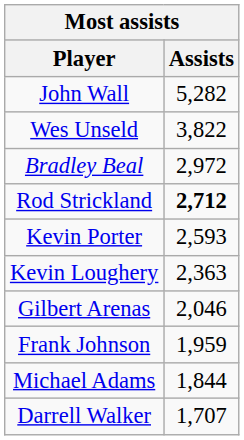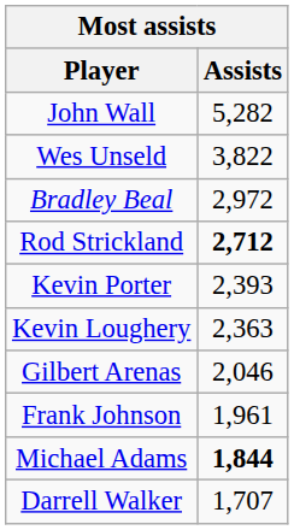 <table class="wikitable sortable" style="text-align:center">
 <tr>
 <th colspan="2" style="text-align:center; ">Most assists</th>
 </tr>
 <tr>
 <th style="text-align:center; ">Player</th>
 <th style="text-align:center; ">Assists</th>
 </tr>
 <tr>
 <td><a href='#'>John Wall</a></td>
 <td>5,282</td>
 </tr>
 <tr>
 <td><a href='#'>Wes Unseld</a></td>
 <td>3,822</td>
 </tr>
 <tr>
 <td><em><a href='#'>Bradley Beal</a></em></td>
 <td>2,972</td>
 </tr>
 <tr>
 <td><a href='#'>Rod Strickland</a></td>
 <td><strong>2,712</strong></td>
 </tr>
 <tr>
 <td><a href='#'>Kevin Porter</a></td>
-<td>2,593</td>
+<td>2,393</td>
 </tr>
 <tr>
 <td><a href='#'>Kevin Loughery</a></td>
 <td>2,363</td>
 </tr>
 <tr>
 <td><a href='#'>Gilbert Arenas</a></td>
 <td>2,046</td>
 </tr>
 <tr>
 <td><a href='#'>Frank Johnson</a></td>
-<td>1,959</td>
+<td>1,961</td>
 </tr>
 <tr>
 <td><a href='#'>Michael Adams</a></td>
-<td>1,844</td>
+<td><strong>1,844</strong></td>
 </tr>
 <tr>
 <td><a href='#'>Darrell Walker</a></td>
 <td>1,707</td>
 </tr>
 </table>
